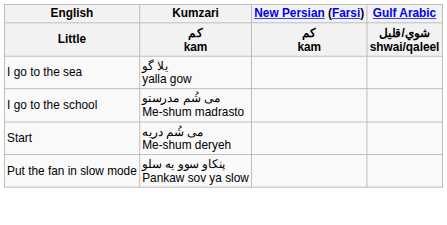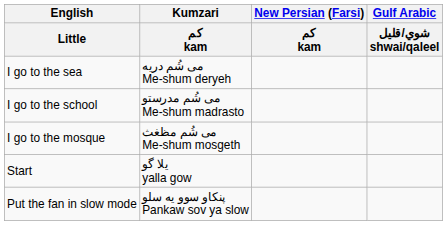 <table class="wikitable">
 <tr>
 <th>English</th>
 <th>Kumzari</th>
 <th><a href='#'>New Persian</a> (<a href='#'>Farsi</a>)</th>
 <th><a href='#'>Gulf Arabic</a></th>
 </tr>
 <tr>
 <th>Little</th>
 <th>كم<br>kam</th>
 <th>كم<br>kam</th>
 <th>شوي/قليل<br>shwai/qaleel</th>
 </tr>
 <tr>
 <td>I go to the sea</td>
-<td>یلا گو<br>yalla gow</td>
+<td>می شُم دریه<br>Me-shum deryeh</td>
 <td><br> </td>
 <td><br></td>
 </tr>
 <tr>
 <td>I go to the school</td>
 <td>می شُم مدرستو<br>Me-shum madrasto</td>
 <td><br><br></td>
 <td></td>
 </tr>
 <tr>
+<td>I go to the mosque</td>
+<td>می شُم مظغث<br>Me-shum mosgeth</td>
+<td><br><br></td>
+<td></td>
+</tr>
+<tr>
 <td>Start</td>
-<td>می شُم دریه<br>Me-shum deryeh</td>
+<td>یلا گو<br>yalla gow</td>
 <td><br></td>
 <td><br></td>
 </tr>
 <tr>
 <td>Put the fan in slow mode</td>
 <td>پنکاو سوو یه سلو<br>Pankaw sov ya slow</td>
 <td><br></td>
 <td><br></td>
 </tr>
 </table>
